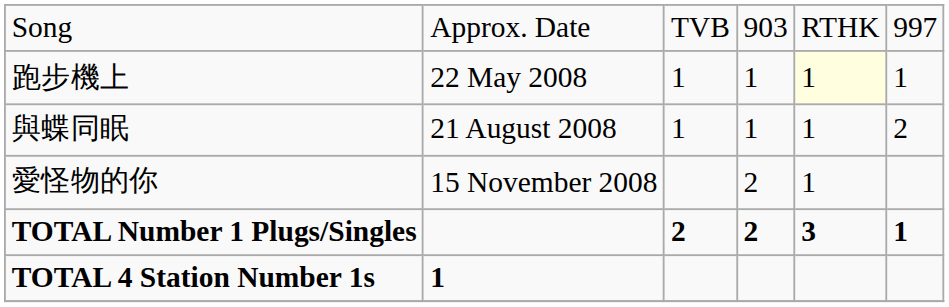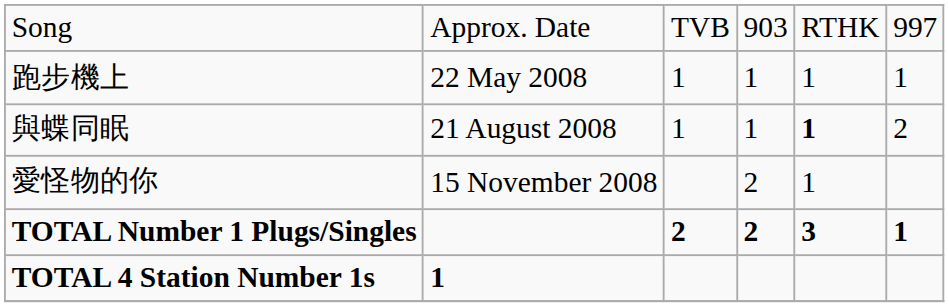 <table class="wikitable">
 <tr>
 <td>Song</td>
 <td>Approx. Date</td>
 <td>TVB</td>
 <td>903</td>
 <td>RTHK</td>
 <td>997</td>
 </tr>
 <tr>
 <td>跑步機上</td>
 <td>22 May 2008</td>
 <td>1</td>
 <td>1</td>
-<td style="background: lightyellow;">1</td>
+<td>1</td>
 <td>1</td>
 </tr>
 <tr>
 <td>與蝶同眠</td>
 <td>21 August 2008</td>
 <td>1</td>
 <td>1</td>
-<td>1</td>
+<td><strong>1</strong></td>
 <td>2</td>
 </tr>
 <tr>
 <td>愛怪物的你</td>
 <td>15 November 2008</td>
 <td></td>
 <td>2</td>
 <td>1</td>
 <td></td>
 </tr>
 <tr>
 <td><strong>TOTAL Number 1 Plugs/Singles</strong></td>
 <td></td>
 <td><strong>2</strong></td>
 <td><strong>2</strong></td>
 <td><strong>3</strong></td>
 <td><strong>1	</strong></td>
 </tr>
 <tr>
 <td><strong>TOTAL 4 Station Number 1s</strong></td>
 <td><strong>1</strong></td>
 <td></td>
 <td></td>
 <td></td>
 <td></td>
 </tr>
 <tr>
 </tr>
 </table>
